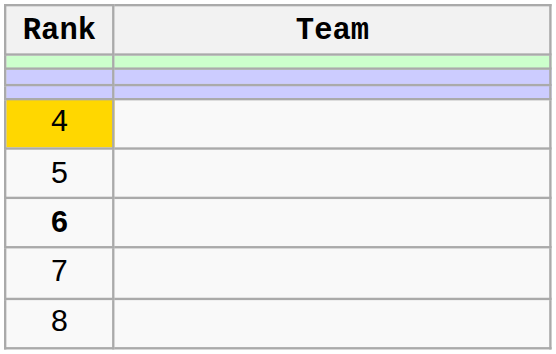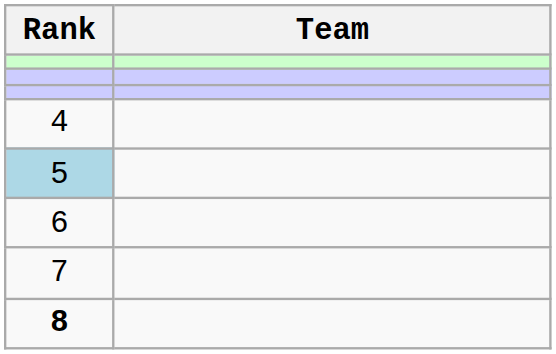 <table class="wikitable" style="text-align: center;">
 <tr>
 <th width=40>Rank</th>
 <th width=180>Team</th>
 </tr>
 <tr bgcolor=ccffcc>
 <td></td>
 <td style="text-align: left;"></td>
 </tr>
 <tr bgcolor=ccccff>
 <td></td>
 <td style="text-align: left;"></td>
 </tr>
 <tr bgcolor=ccccff>
 <td></td>
 <td style="text-align: left;"></td>
 </tr>
 <tr>
-<td style="background: gold;">4</td>
+<td>4</td>
 <td style="text-align: left;"></td>
 </tr>
 <tr>
-<td>5</td>
+<td style="background: lightblue;">5</td>
 <td style="text-align: left;"></td>
 </tr>
 <tr>
-<td><strong>6</strong></td>
+<td>6</td>
 <td style="text-align: left;"></td>
 </tr>
 <tr>
 <td>7</td>
 <td style="text-align: left;"></td>
 </tr>
 <tr>
-<td>8</td>
+<td><strong>8</strong></td>
 <td style="text-align: left;"></td>
 </tr>
 </table>
